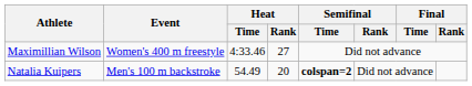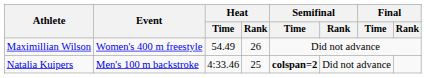 <table class=wikitable style=font-size:90%;text-align:center>
 <tr>
 <th rowspan=2>Athlete</th>
 <th rowspan=2>Event</th>
 <th colspan=2>Heat</th>
 <th colspan=2>Semifinal</th>
 <th colspan=2>Final</th>
 </tr>
 <tr style=font-size:95%>
 <th>Time</th>
 <th>Rank</th>
 <th>Time</th>
 <th>Rank</th>
 <th>Time</th>
 <th>Rank</th>
 </tr>
 <tr>
 <td align=left><a href='#'>Maximillian Wilson</a></td>
 <td align=left><a href='#'>Women's 400 m freestyle</a></td>
-<td>4:33.46</td>
-<td>27</td>
+<td>54.49</td>
+<td>26</td>
 <td colspan=4>Did not advance</td>
 </tr>
 <tr>
 <td align=left><a href='#'>Natalia Kuipers</a></td>
 <td align=left><a href='#'>Men's 100 m backstroke</a></td>
-<td>54.49</td>
-<td>20</td>
+<td>4:33.46</td>
+<td>25</td>
 <td><strong>colspan=2 </strong></td>
 <td colspan=2>Did not advance</td>
 </tr>
 </table>
